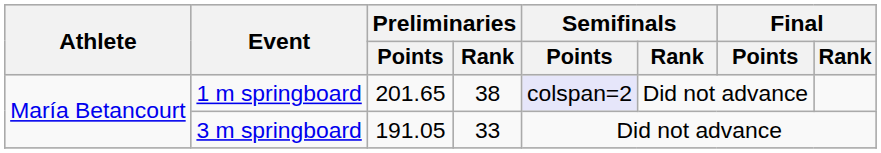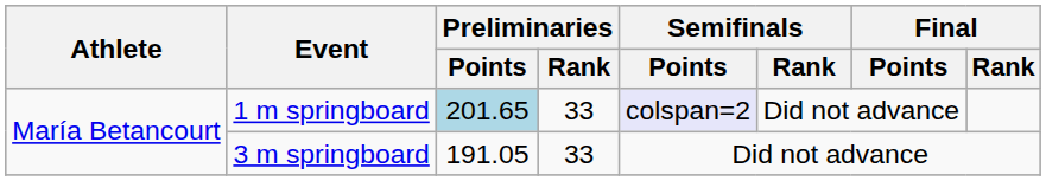 <table class=wikitable style="font-size:90%;">
 <tr>
 <th rowspan="2">Athlete</th>
 <th rowspan="2">Event</th>
 <th colspan="2">Preliminaries</th>
 <th colspan="2">Semifinals</th>
 <th colspan="2">Final</th>
 </tr>
 <tr style="font-size:95%">
 <th>Points</th>
 <th>Rank</th>
 <th>Points</th>
 <th>Rank</th>
 <th>Points</th>
 <th>Rank</th>
 </tr>
 <tr align=center>
 <td align=left rowspan=2><a href='#'>María Betancourt</a></td>
 <td align=left><a href='#'>1 m springboard</a></td>
-<td>201.65</td>
-<td>38</td>
+<td style="background: lightblue;">201.65</td>
+<td>33</td>
 <td style="background: lavender;">colspan=2 </td>
 <td colspan=2>Did not advance</td>
 </tr>
 <tr align=center>
 <td align=left><a href='#'>3 m springboard</a></td>
 <td>191.05</td>
 <td>33</td>
 <td colspan=4>Did not advance</td>
 </tr>
 </table>
